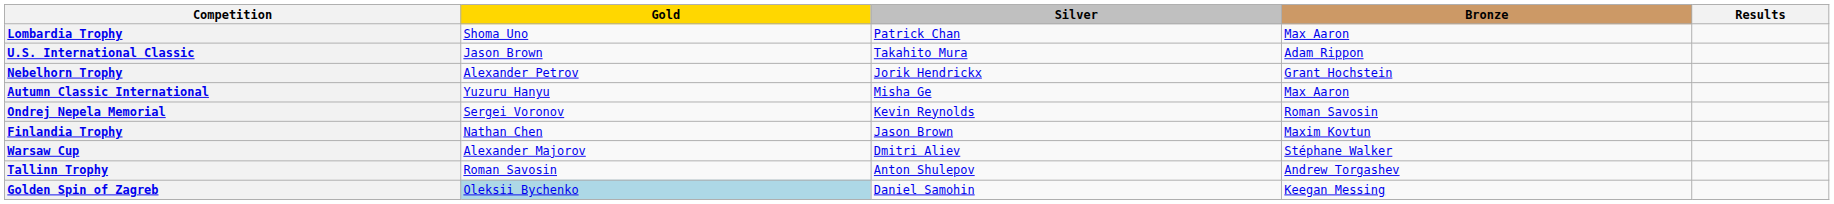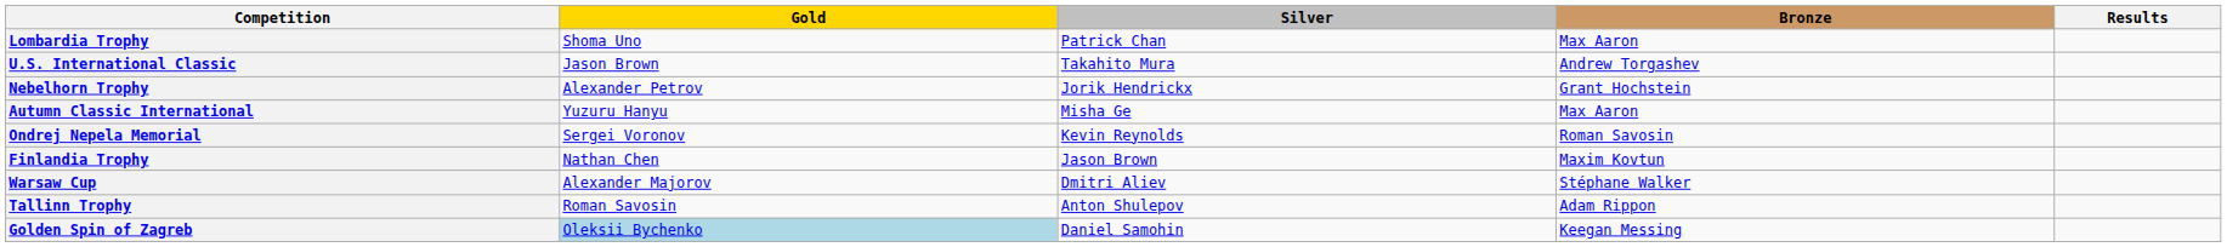 <table class="wikitable unsortable" style="text-align:left; width:100%;">
 <tr>
 <th scope="col" style="text-align:center; width:25%;">Competition</th>
 <td scope="col" style="text-align:center; width:22.5%; background:gold"><strong>Gold</strong></td>
 <td scope="col" style="text-align:center; width:22.5%; background:silver"><strong>Silver</strong></td>
 <td scope="col" style="text-align:center; width:22.5%; background:#c96"><strong>Bronze</strong></td>
 <th scope="col" style="text-align:center; width:7.5%;">Results</th>
 </tr>
 <tr>
 <th scope="row" style="text-align:left"> <a href='#'>Lombardia Trophy</a></th>
 <td> <a href='#'>Shoma Uno</a></td>
 <td> <a href='#'>Patrick Chan</a></td>
 <td> <a href='#'>Max Aaron</a></td>
 <td></td>
 </tr>
 <tr>
 <th scope="row" style="text-align:left"> <a href='#'>U.S. International Classic</a></th>
 <td> <a href='#'>Jason Brown</a></td>
 <td> <a href='#'>Takahito Mura</a></td>
-<td> <a href='#'>Adam Rippon</a></td>
+<td> <a href='#'>Andrew Torgashev</a></td>
 <td></td>
 </tr>
 <tr>
 <th scope="row" style="text-align:left"> <a href='#'>Nebelhorn Trophy</a></th>
 <td> <a href='#'>Alexander Petrov</a></td>
 <td> <a href='#'>Jorik Hendrickx</a></td>
 <td> <a href='#'>Grant Hochstein</a></td>
 <td></td>
 </tr>
 <tr>
 <th scope="row" style="text-align:left"> <a href='#'>Autumn Classic International</a></th>
 <td> <a href='#'>Yuzuru Hanyu</a></td>
 <td> <a href='#'>Misha Ge</a></td>
 <td> <a href='#'>Max Aaron</a></td>
 <td></td>
 </tr>
 <tr>
 <th scope="row" style="text-align:left"> <a href='#'>Ondrej Nepela Memorial</a></th>
 <td> <a href='#'>Sergei Voronov</a></td>
 <td> <a href='#'>Kevin Reynolds</a></td>
 <td> <a href='#'>Roman Savosin</a></td>
 <td></td>
 </tr>
 <tr>
 <th scope="row" style="text-align:left"> <a href='#'>Finlandia Trophy</a></th>
 <td> <a href='#'>Nathan Chen</a></td>
 <td> <a href='#'>Jason Brown</a></td>
 <td> <a href='#'>Maxim Kovtun</a></td>
 <td></td>
 </tr>
 <tr>
 <th scope="row" style="text-align:left"> <a href='#'>Warsaw Cup</a></th>
 <td> <a href='#'>Alexander Majorov</a></td>
 <td> <a href='#'>Dmitri Aliev</a></td>
 <td> <a href='#'>Stéphane Walker</a></td>
 <td></td>
 </tr>
 <tr>
 <th scope="row" style="text-align:left"> <a href='#'>Tallinn Trophy</a></th>
 <td> <a href='#'>Roman Savosin</a></td>
 <td> <a href='#'>Anton Shulepov</a></td>
-<td> <a href='#'>Andrew Torgashev</a></td>
+<td> <a href='#'>Adam Rippon</a></td>
 <td></td>
 </tr>
 <tr>
 <th scope="row" style="text-align:left"> <a href='#'>Golden Spin of Zagreb</a></th>
 <td style="background: lightblue;"> <a href='#'>Oleksii Bychenko</a></td>
 <td> <a href='#'>Daniel Samohin</a></td>
 <td> <a href='#'>Keegan Messing</a></td>
 <td></td>
 </tr>
 </table>
